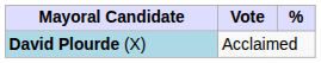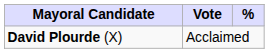 <table class="wikitable">
 <tr>
 <th style="background:#ddf; width:200px;">Mayoral Candidate</th>
 <th style="background:#ddf; width:50px;">Vote</th>
 <th style="background:#ddf; width:30px;">%</th>
 </tr>
 <tr>
-<td style="background: lightblue;"><strong>David Plourde</strong> (X)</td>
+<td><strong>David Plourde</strong> (X)</td>
 <td colspan="2">Acclaimed</td>
 </tr>
 </table>
